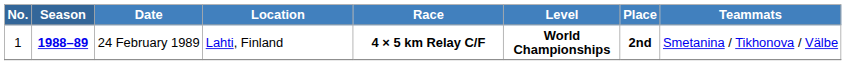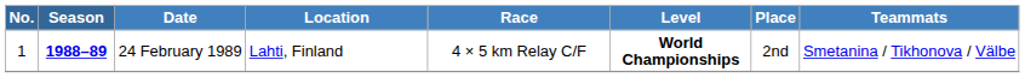 <table class="wikitable sortable" style="font-size:95%; text-align:center; border:grey solid 1px; border-collapse:collapse; background:#ffffff;">
 <tr style="background:#efefef;">
 <th style="background-color:#369; color:white;">No.</th>
 <th style="background-color:#369; color:white;">Season</th>
 <th style="background-color:#4180be; color:white; width:120px;">Date</th>
 <th style="background-color:#4180be; color:white; width:170px;">Location</th>
 <th style="background-color:#4180be; color:white; width:170px;">Race</th>
 <th style="background-color:#4180be; color:white; width:130px;">Level</th>
 <th style="background-color:#4180be; color:white;">Place</th>
 <th style="background-color:#4180be; color:white;">Teammats</th>
 </tr>
 <tr>
 <td align=center>1</td>
 <td rowspan=1 align=center><strong> <a href='#'>1988–89</a> </strong></td>
 <td align=right>24 February 1989</td>
 <td align=left> <a href='#'>Lahti</a>, Finland</td>
-<td><strong>4 × 5 km Relay C/F</strong></td>
+<td>4 × 5 km Relay C/F</td>
 <td><strong>World Championships</strong></td>
-<td><strong>2nd</strong></td>
+<td>2nd</td>
 <td><a href='#'>Smetanina</a> / <a href='#'>Tikhonova</a> / <a href='#'>Välbe</a></td>
 </tr>
 <tr>
 </tr>
 </table>
